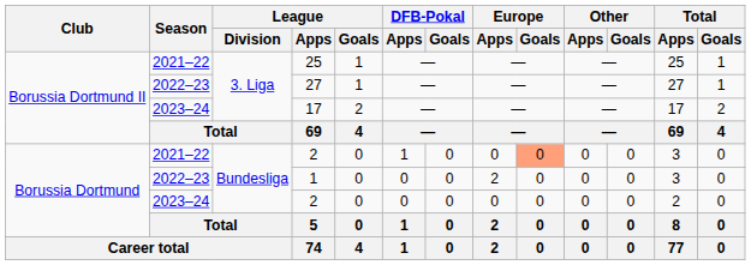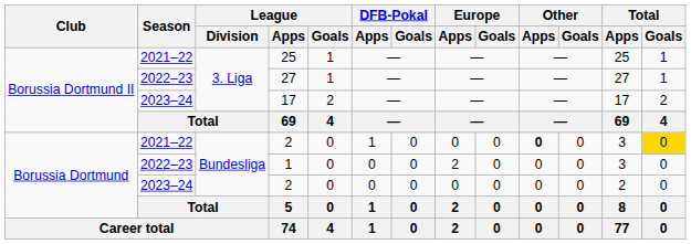 <table class="wikitable" style="text-align: center">
 <tr>
 <th rowspan="2">Club</th>
 <th rowspan="2">Season</th>
 <th colspan="3">League</th>
 <th colspan="2"><a href='#'>DFB-Pokal</a></th>
 <th colspan="2">Europe</th>
 <th colspan="2">Other</th>
 <th colspan="2">Total</th>
 </tr>
 <tr>
 <th>Division</th>
 <th>Apps</th>
 <th>Goals</th>
 <th>Apps</th>
 <th>Goals</th>
 <th>Apps</th>
 <th>Goals</th>
 <th>Apps</th>
 <th>Goals</th>
 <th>Apps</th>
 <th>Goals</th>
 </tr>
 <tr>
 <td rowspan="4"><a href='#'>Borussia Dortmund II</a></td>
 <td><a href='#'>2021–22</a></td>
 <td rowspan="3"><a href='#'>3. Liga</a></td>
 <td>25</td>
 <td>1</td>
 <td colspan="2">—</td>
 <td colspan="2">—</td>
 <td colspan="2">—</td>
 <td>25</td>
 <td>1</td>
 </tr>
 <tr>
 <td><a href='#'>2022–23</a></td>
 <td>27</td>
 <td>1</td>
 <td colspan="2">—</td>
 <td colspan="2">—</td>
 <td colspan="2">—</td>
 <td>27</td>
 <td>1</td>
 </tr>
 <tr>
 <td><a href='#'>2023–24</a></td>
 <td>17</td>
 <td>2</td>
 <td colspan="2">—</td>
 <td colspan="2">—</td>
 <td colspan="2">—</td>
 <td>17</td>
 <td>2</td>
 </tr>
 <tr>
 <th colspan="2">Total</th>
 <th>69</th>
 <th>4</th>
 <th colspan="2">—</th>
 <th colspan="2">—</th>
 <th colspan="2">—</th>
 <th>69</th>
 <th>4</th>
 </tr>
 <tr>
 <td rowspan="4"><a href='#'>Borussia Dortmund</a></td>
 <td><a href='#'>2021–22</a></td>
 <td rowspan="3"><a href='#'>Bundesliga</a></td>
 <td>2</td>
 <td>0</td>
 <td>1</td>
 <td>0</td>
 <td>0</td>
-<td style="background: lightsalmon;">0</td>
 <td>0</td>
+<td><strong>0</strong></td>
 <td>0</td>
 <td>3</td>
-<td>0</td>
+<td style="background: gold;">0</td>
 </tr>
 <tr>
 <td><a href='#'>2022–23</a></td>
 <td>1</td>
 <td>0</td>
 <td>0</td>
 <td>0</td>
 <td>2</td>
 <td>0</td>
 <td>0</td>
 <td>0</td>
 <td>3</td>
 <td>0</td>
 </tr>
 <tr>
 <td><a href='#'>2023–24</a></td>
 <td>2</td>
 <td>0</td>
 <td>0</td>
 <td>0</td>
 <td>0</td>
 <td>0</td>
 <td>0</td>
 <td>0</td>
 <td>2</td>
 <td>0</td>
 </tr>
 <tr>
 <th colspan="2">Total</th>
 <th>5</th>
 <th>0</th>
 <th>1</th>
 <th>0</th>
 <th>2</th>
 <th>0</th>
 <th>0</th>
 <th>0</th>
 <th>8</th>
 <th>0</th>
 </tr>
 <tr>
 <th colspan="3">Career total</th>
 <th>74</th>
 <th>4</th>
 <th>1</th>
 <th>0</th>
 <th>2</th>
 <th>0</th>
 <th>0</th>
 <th>0</th>
 <th>77</th>
 <th>0</th>
 </tr>
 </table>
